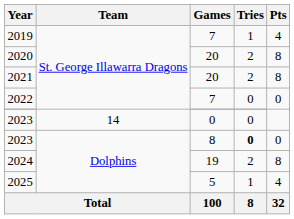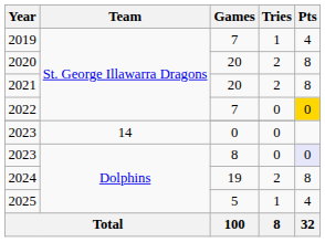 <table class="wikitable sortable"  style="font-size:90%; text-align:center;">
 <tr>
 <th>Year</th>
 <th>Team</th>
 <th>Games</th>
 <th>Tries</th>
 <th>Pts</th>
 </tr>
 <tr>
 <td>2019</td>
 <td rowspan=5> <a href='#'>St. George Illawarra Dragons</a></td>
 <td>7</td>
 <td>1</td>
 <td>4</td>
 </tr>
 <tr>
 <td>2020</td>
 <td>20</td>
 <td>2</td>
 <td>8</td>
 </tr>
 <tr>
 <td>2021</td>
 <td>20</td>
 <td>2</td>
 <td>8</td>
 </tr>
 <tr>
 <td>2022</td>
 <td>7</td>
 <td>0</td>
-<td>0</td>
+<td style="background: gold;">0</td>
 </tr>
 <tr>
 </tr>
 <tr>
 <td>2023</td>
 <td>14</td>
 <td>0</td>
 <td>0</td>
 </tr>
 <tr>
 <td>2023</td>
 <td rowspan=3> <a href='#'>Dolphins</a></td>
 <td>8</td>
-<td><strong>0</strong></td>
 <td>0</td>
+<td style="background: lavender;">0</td>
 </tr>
 <tr>
 <td>2024</td>
 <td>19</td>
 <td>2</td>
 <td>8</td>
 </tr>
 <tr>
 <td>2025</td>
 <td>5</td>
 <td>1</td>
 <td>4</td>
 </tr>
 <tr>
 <th colspan=2>Total</th>
 <th>100</th>
 <th>8</th>
 <th>32</th>
 </tr>
 </table>
